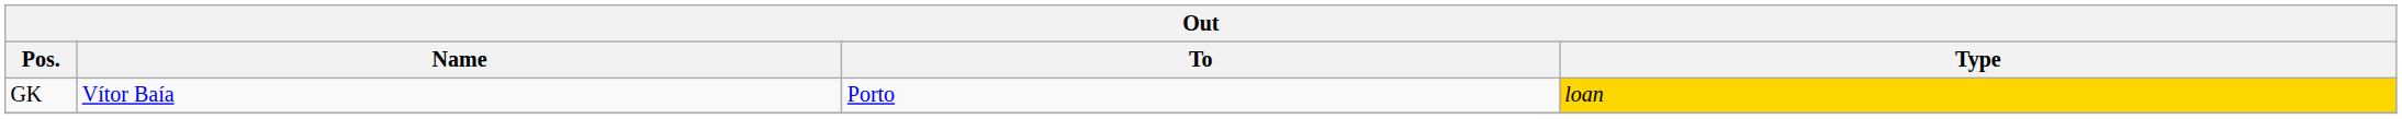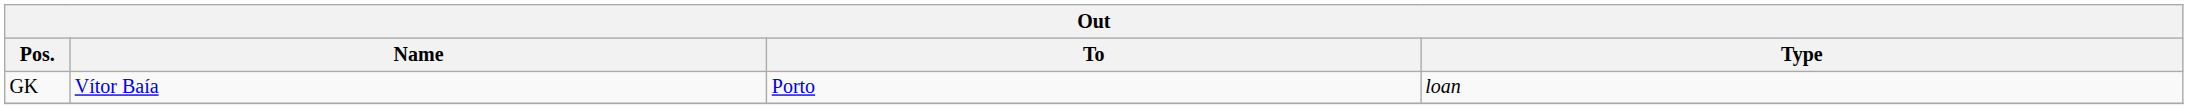 <table class="wikitable" style="font-size:90%;width:99%;">
 <tr>
 <th colspan="4">Out</th>
 </tr>
 <tr>
 <th width=3%>Pos.</th>
 <th width=32%>Name</th>
 <th width=30%>To</th>
 <th width=35%>Type</th>
 </tr>
 <tr>
 <td>GK</td>
 <td><a href='#'>Vítor Baía</a></td>
 <td><a href='#'>Porto</a></td>
-<td style="background: gold;"><em>loan</em></td>
+<td><em>loan</em></td>
 </tr>
 <tr>
 </tr>
 </table>
